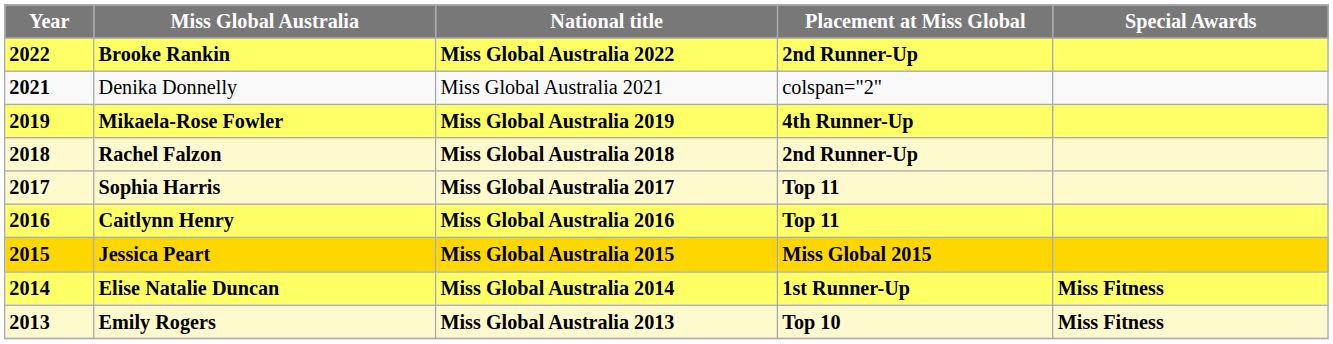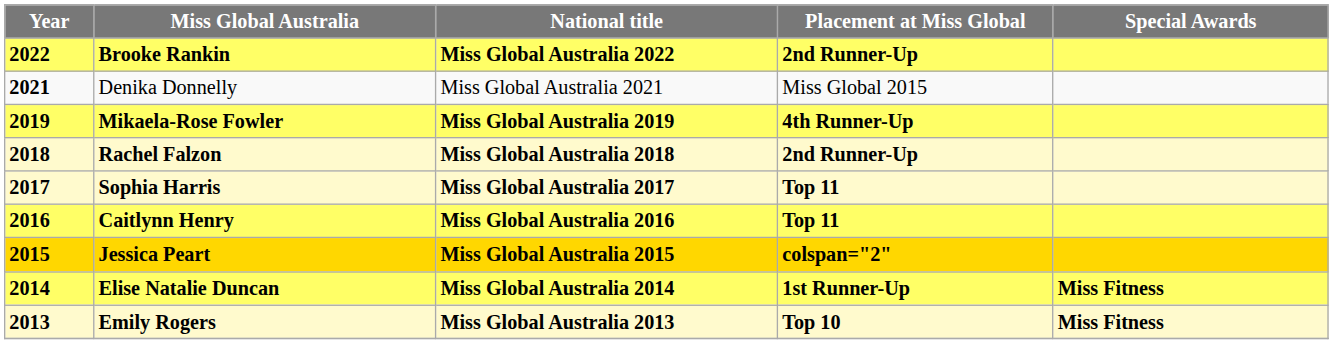 <table class="wikitable " style="font-size: 95%;">
 <tr>
 <th width="60" style="background-color:#787878;color:#FFFFFF;">Year</th>
 <th width="250" style="background-color:#787878;color:#FFFFFF;">Miss Global Australia</th>
 <th width="250" style="background-color:#787878;color:#FFFFFF;">National title</th>
 <th width="200" style="background-color:#787878;color:#FFFFFF;">Placement at Miss Global</th>
 <th width="200" style="background-color:#787878;color:#FFFFFF;">Special Awards</th>
 </tr>
 <tr style="background-color:#FFFF66; font-weight: bold">
 <td>2022</td>
 <td>Brooke Rankin</td>
 <td>Miss Global Australia 2022</td>
 <td>2nd Runner-Up</td>
 <td></td>
 </tr>
 <tr>
 <td><strong>2021</strong></td>
 <td>Denika Donnelly</td>
 <td>Miss Global Australia 2021</td>
-<td>colspan="2" </td>
+<td>Miss Global 2015</td>
 </tr>
 <tr style="background-color:#FFFF66; font-weight: bold">
 <td>2019</td>
 <td>Mikaela-Rose Fowler</td>
 <td>Miss Global Australia 2019</td>
 <td>4th Runner-Up</td>
 <td></td>
 </tr>
 <tr style="background-color:#FFFACD; font-weight: bold">
 <td>2018</td>
 <td>Rachel Falzon</td>
 <td>Miss Global Australia 2018</td>
 <td>2nd Runner-Up</td>
 <td></td>
 </tr>
 <tr style="background-color:#FFFACD; font-weight: bold">
 <td>2017</td>
 <td>Sophia Harris</td>
 <td>Miss Global Australia 2017</td>
 <td>Top 11</td>
 <td></td>
 </tr>
 <tr style="background-color:#FFFF66; font-weight: bold">
 <td>2016</td>
 <td>Caitlynn Henry</td>
 <td>Miss Global Australia 2016</td>
 <td>Top 11</td>
 <td></td>
 </tr>
 <tr style="background-color:gold; font-weight: bold">
 <td>2015</td>
 <td>Jessica Peart</td>
 <td>Miss Global Australia 2015</td>
-<td>Miss Global 2015</td>
+<td>colspan="2" </td>
 <td></td>
 </tr>
 <tr style="background-color:#FFFF66; font-weight: bold">
 <td>2014</td>
 <td>Elise Natalie Duncan</td>
 <td>Miss Global Australia 2014</td>
 <td>1st Runner-Up</td>
 <td>Miss Fitness</td>
 </tr>
 <tr style="background-color:#FFFACD; font-weight: bold">
 <td>2013</td>
 <td>Emily Rogers</td>
 <td>Miss Global Australia 2013</td>
 <td>Top 10</td>
 <td>Miss Fitness</td>
 </tr>
 <tr>
 </tr>
 </table>
